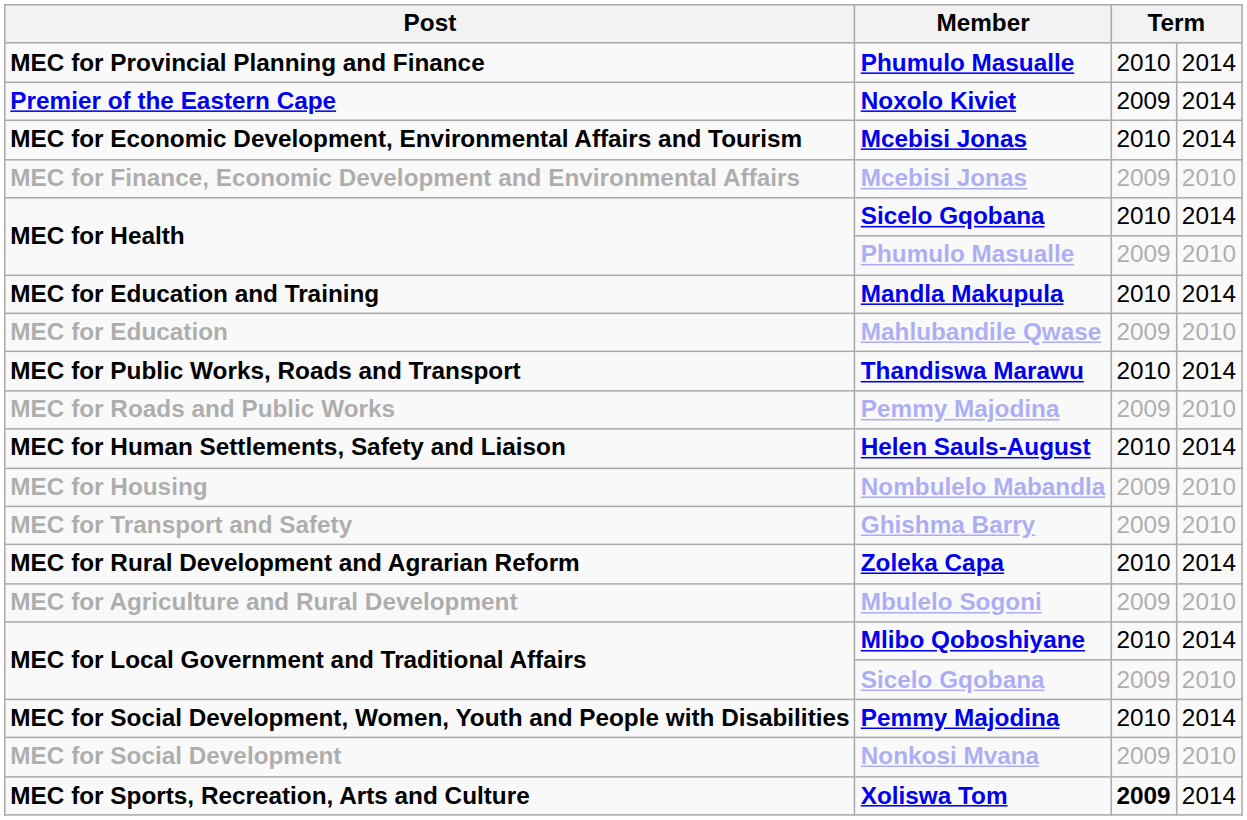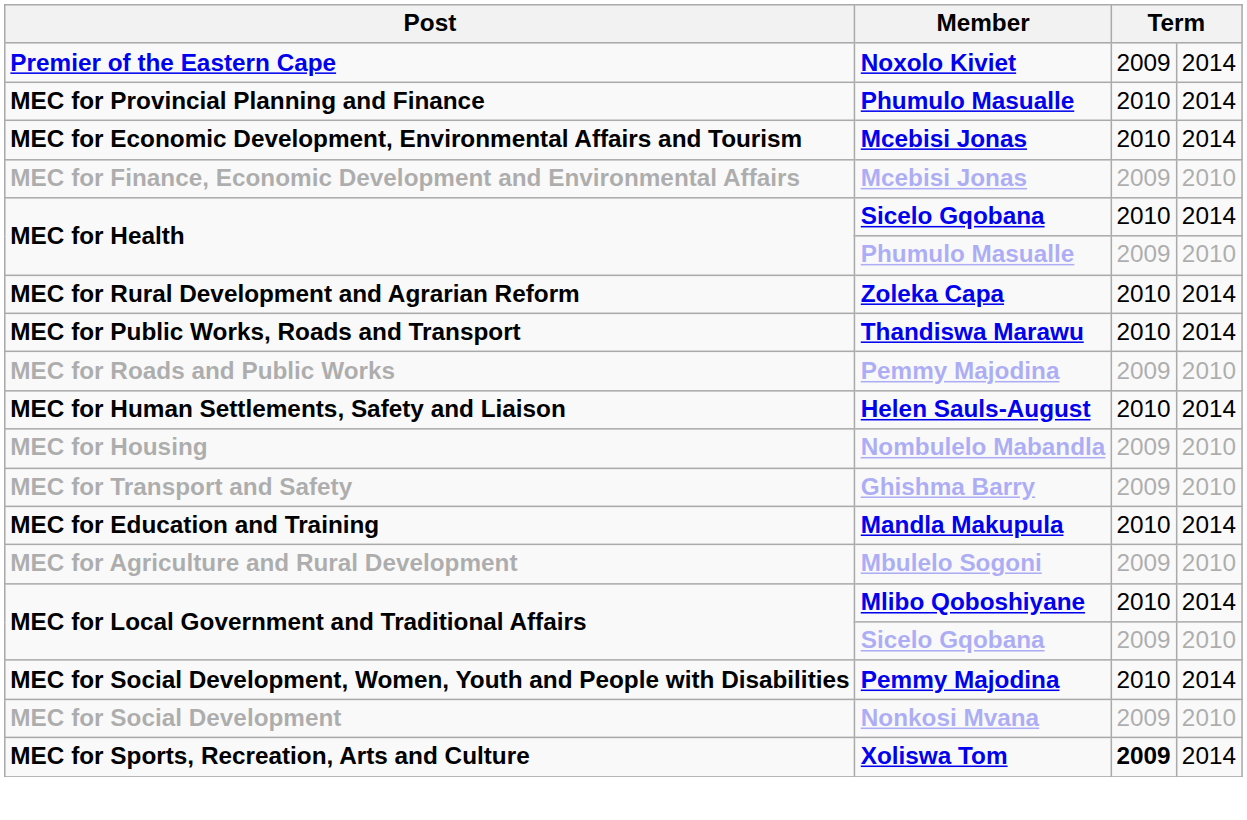 <table class="wikitable">
 <tr>
 <th>Post</th>
 <th>Member</th>
 <th colspan="2">Term</th>
 </tr>
 <tr>
+<td><strong><a href='#'>Premier of the Eastern Cape</a></strong></td>
+<td><strong><a href='#'>Noxolo Kiviet</a></strong></td>
+<td>2009</td>
+<td>2014</td>
+</tr>
+<tr>
 <td><strong>MEC for Provincial Planning and Finance</strong></td>
 <td><strong><a href='#'>Phumulo Masualle</a></strong></td>
 <td>2010</td>
-<td>2014</td>
-</tr>
-<tr>
-<td><strong><a href='#'>Premier of the Eastern Cape</a></strong></td>
-<td><strong><a href='#'>Noxolo Kiviet</a></strong></td>
-<td>2009</td>
 <td>2014</td>
 </tr>
 <tr>
 <td><strong>MEC for Economic Development, Environmental Affairs and Tourism</strong></td>
 <td><strong><a href='#'>Mcebisi Jonas</a></strong></td>
 <td>2010</td>
 <td>2014</td>
 </tr>
 <tr style="opacity:.3;">
 <td><strong>MEC for Finance, Economic Development and Environmental Affairs</strong></td>
 <td><strong><a href='#'>Mcebisi Jonas</a></strong></td>
 <td>2009</td>
 <td>2010</td>
 </tr>
 <tr>
 <td rowspan="2"><strong>MEC for Health</strong></td>
 <td><strong><a href='#'>Sicelo Gqobana</a></strong></td>
 <td>2010</td>
 <td>2014</td>
 </tr>
 <tr style="opacity:.3;">
 <td><strong><a href='#'>Phumulo Masualle</a></strong></td>
 <td>2009</td>
 <td>2010</td>
 </tr>
 <tr>
-<td><strong>MEC for Education and Training</strong></td>
-<td><strong><a href='#'>Mandla Makupula</a></strong></td>
+<td><strong>MEC for Rural Development and Agrarian Reform</strong></td>
+<td><a href='#'><strong>Zoleka Capa</strong></a></td>
 <td>2010</td>
 <td>2014</td>
-</tr>
-<tr style="opacity:.3;">
-<td><strong>MEC for Education</strong></td>
-<td><strong><a href='#'>Mahlubandile Qwase</a></strong></td>
-<td>2009</td>
-<td>2010</td>
 </tr>
 <tr>
 <td><strong>MEC for Public Works, Roads and Transport</strong></td>
 <td><strong><a href='#'>Thandiswa Marawu</a></strong></td>
 <td>2010</td>
 <td>2014</td>
 </tr>
 <tr style="opacity:.3;">
 <td><strong>MEC for Roads and Public Works</strong></td>
 <td><strong><a href='#'>Pemmy Majodina</a></strong></td>
 <td>2009</td>
 <td>2010</td>
 </tr>
 <tr>
 <td><strong>MEC for Human Settlements, Safety and Liaison</strong></td>
 <td><strong><a href='#'>Helen Sauls-August</a></strong></td>
 <td>2010</td>
 <td>2014</td>
 </tr>
 <tr style="opacity:.3;">
 <td><strong>MEC for Housing</strong></td>
 <td><strong><a href='#'>Nombulelo Mabandla</a></strong></td>
 <td>2009</td>
 <td>2010</td>
 </tr>
 <tr style="opacity:.3;">
 <td><strong>MEC for Transport and Safety</strong></td>
 <td><strong><a href='#'>Ghishma Barry</a></strong></td>
 <td>2009</td>
 <td>2010</td>
 </tr>
 <tr>
-<td><strong>MEC for Rural Development and Agrarian Reform</strong></td>
-<td><a href='#'><strong>Zoleka Capa</strong></a></td>
+<td><strong>MEC for Education and Training</strong></td>
+<td><strong><a href='#'>Mandla Makupula</a></strong></td>
 <td>2010</td>
 <td>2014</td>
 </tr>
 <tr style="opacity:.3;">
 <td><strong>MEC for Agriculture and Rural Development</strong></td>
 <td><strong><a href='#'>Mbulelo Sogoni</a></strong></td>
 <td>2009</td>
 <td>2010</td>
 </tr>
 <tr>
 <td rowspan="2"><strong>MEC for Local Government and Traditional Affairs</strong></td>
 <td><strong><a href='#'>Mlibo Qoboshiyane</a></strong></td>
 <td>2010</td>
 <td>2014</td>
 </tr>
 <tr style="opacity:.3;">
 <td><strong><a href='#'>Sicelo Gqobana</a></strong></td>
 <td>2009</td>
 <td>2010</td>
 </tr>
 <tr>
 <td><strong>MEC for Social Development, Women, Youth and People with Disabilities</strong></td>
 <td><strong><a href='#'>Pemmy Majodina</a></strong></td>
 <td>2010</td>
 <td>2014</td>
 </tr>
 <tr style="opacity:.3;">
 <td><strong>MEC for Social Development</strong></td>
 <td><a href='#'><strong>Nonkosi Mvana</strong></a></td>
 <td>2009</td>
 <td>2010</td>
 </tr>
 <tr>
 <td><strong>MEC for Sports, Recreation, Arts and Culture</strong></td>
 <td><strong><a href='#'>Xoliswa Tom</a></strong></td>
 <td><strong>2009</strong></td>
 <td>2014</td>
 </tr>
 </table>
